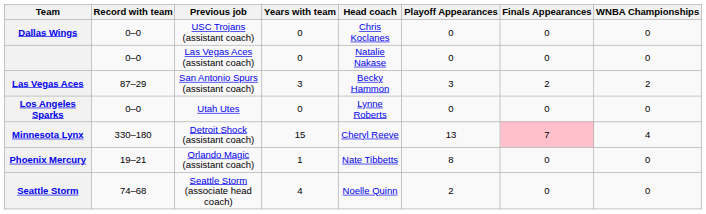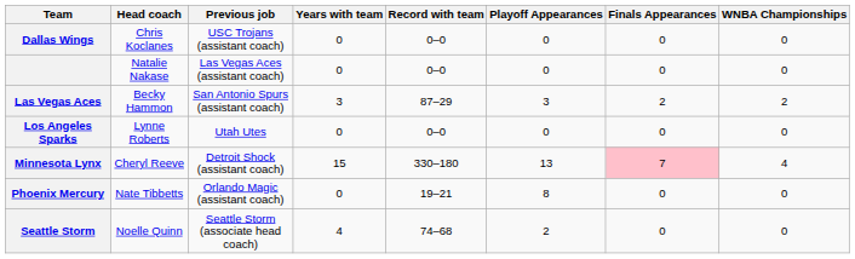 <table class="wikitable sortable" style="text-align: center;font-size:90%;">
 <tr>
 <th width="125">Team</th>
-<th>Record with team</th>
+<th width="90">Head coach</th>
 <th width="125">Previous job</th>
 <th>Years with team</th>
-<th width="90">Head coach</th>
+<th>Record with team</th>
 <th>Playoff Appearances</th>
 <th>Finals Appearances</th>
 <th>WNBA Championships</th>
 </tr>
 <tr>
 <th><a href='#'><span>Dallas Wings</span></a></th>
-<td>0–0</td>
+<td><a href='#'>Chris Koclanes</a></td>
 <td><a href='#'>USC Trojans</a><br>(assistant coach)</td>
 <td>0</td>
-<td><a href='#'>Chris Koclanes</a></td>
+<td>0–0</td>
 <td>0</td>
 <td>0</td>
 <td>0</td>
 </tr>
 <tr>
 <th></th>
-<td>0–0</td>
+<td><a href='#'>Natalie Nakase</a></td>
 <td><a href='#'>Las Vegas Aces</a><br>(assistant coach)</td>
 <td>0</td>
-<td><a href='#'>Natalie Nakase</a></td>
+<td>0–0</td>
 <td>0</td>
 <td>0</td>
 <td>0</td>
 </tr>
 <tr>
 <th><a href='#'><span>Las Vegas Aces</span></a></th>
-<td>87–29</td>
+<td><a href='#'>Becky Hammon</a></td>
 <td><a href='#'>San Antonio Spurs</a><br>(assistant coach)</td>
 <td>3</td>
-<td><a href='#'>Becky Hammon</a></td>
+<td>87–29</td>
 <td>3</td>
 <td>2</td>
 <td>2</td>
 </tr>
 <tr>
 <th><a href='#'><span>Los Angeles Sparks</span></a></th>
-<td>0–0</td>
+<td><a href='#'>Lynne Roberts</a></td>
 <td><a href='#'>Utah Utes</a></td>
 <td>0</td>
-<td><a href='#'>Lynne Roberts</a></td>
+<td>0–0</td>
 <td>0</td>
 <td>0</td>
 <td>0</td>
 </tr>
 <tr>
 <th><a href='#'><span>Minnesota Lynx</span></a></th>
-<td>330–180</td>
+<td><a href='#'>Cheryl Reeve</a></td>
 <td><a href='#'>Detroit Shock</a><br>(assistant coach)</td>
 <td>15</td>
-<td><a href='#'>Cheryl Reeve</a></td>
+<td>330–180</td>
 <td>13</td>
 <td style="background: pink;">7</td>
 <td>4</td>
 </tr>
 <tr>
 <th><a href='#'><span>Phoenix Mercury</span></a></th>
+<td><a href='#'>Nate Tibbetts</a></td>
+<td><a href='#'>Orlando Magic</a><br>(assistant coach)</td>
+<td>0</td>
 <td>19–21</td>
-<td><a href='#'>Orlando Magic</a><br>(assistant coach)</td>
-<td>1</td>
-<td><a href='#'>Nate Tibbetts</a></td>
 <td>8</td>
 <td>0</td>
 <td>0</td>
 </tr>
 <tr>
 <th><a href='#'><span>Seattle Storm</span></a></th>
-<td>74–68</td>
+<td><a href='#'>Noelle Quinn</a></td>
 <td><a href='#'>Seattle Storm</a><br>(associate head coach)</td>
 <td>4</td>
-<td><a href='#'>Noelle Quinn</a></td>
+<td>74–68</td>
 <td>2</td>
 <td>0</td>
 <td>0</td>
 </tr>
 </table>
